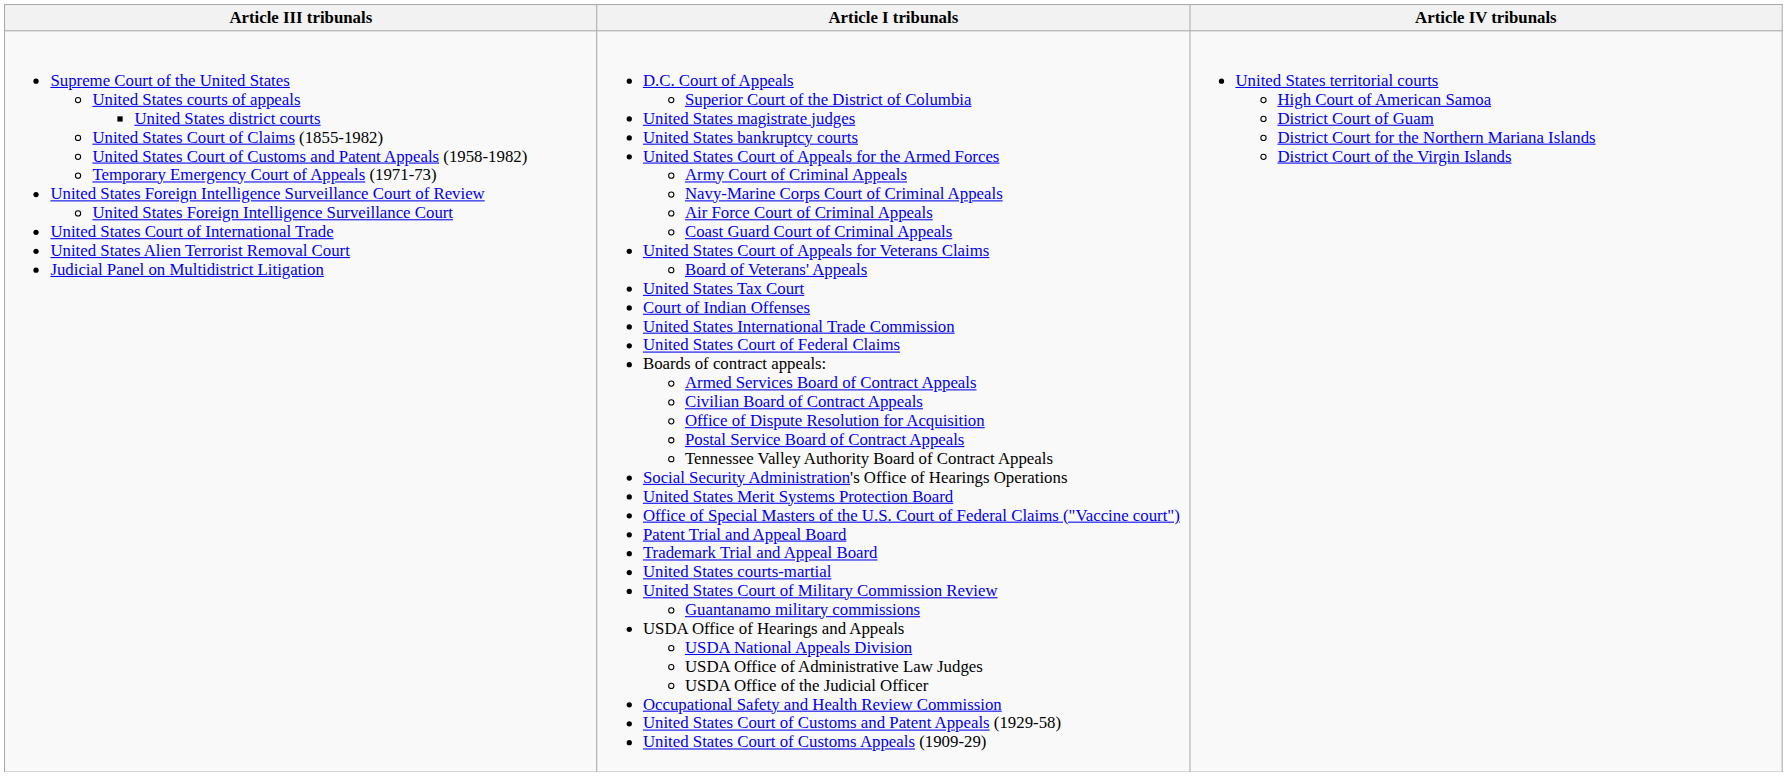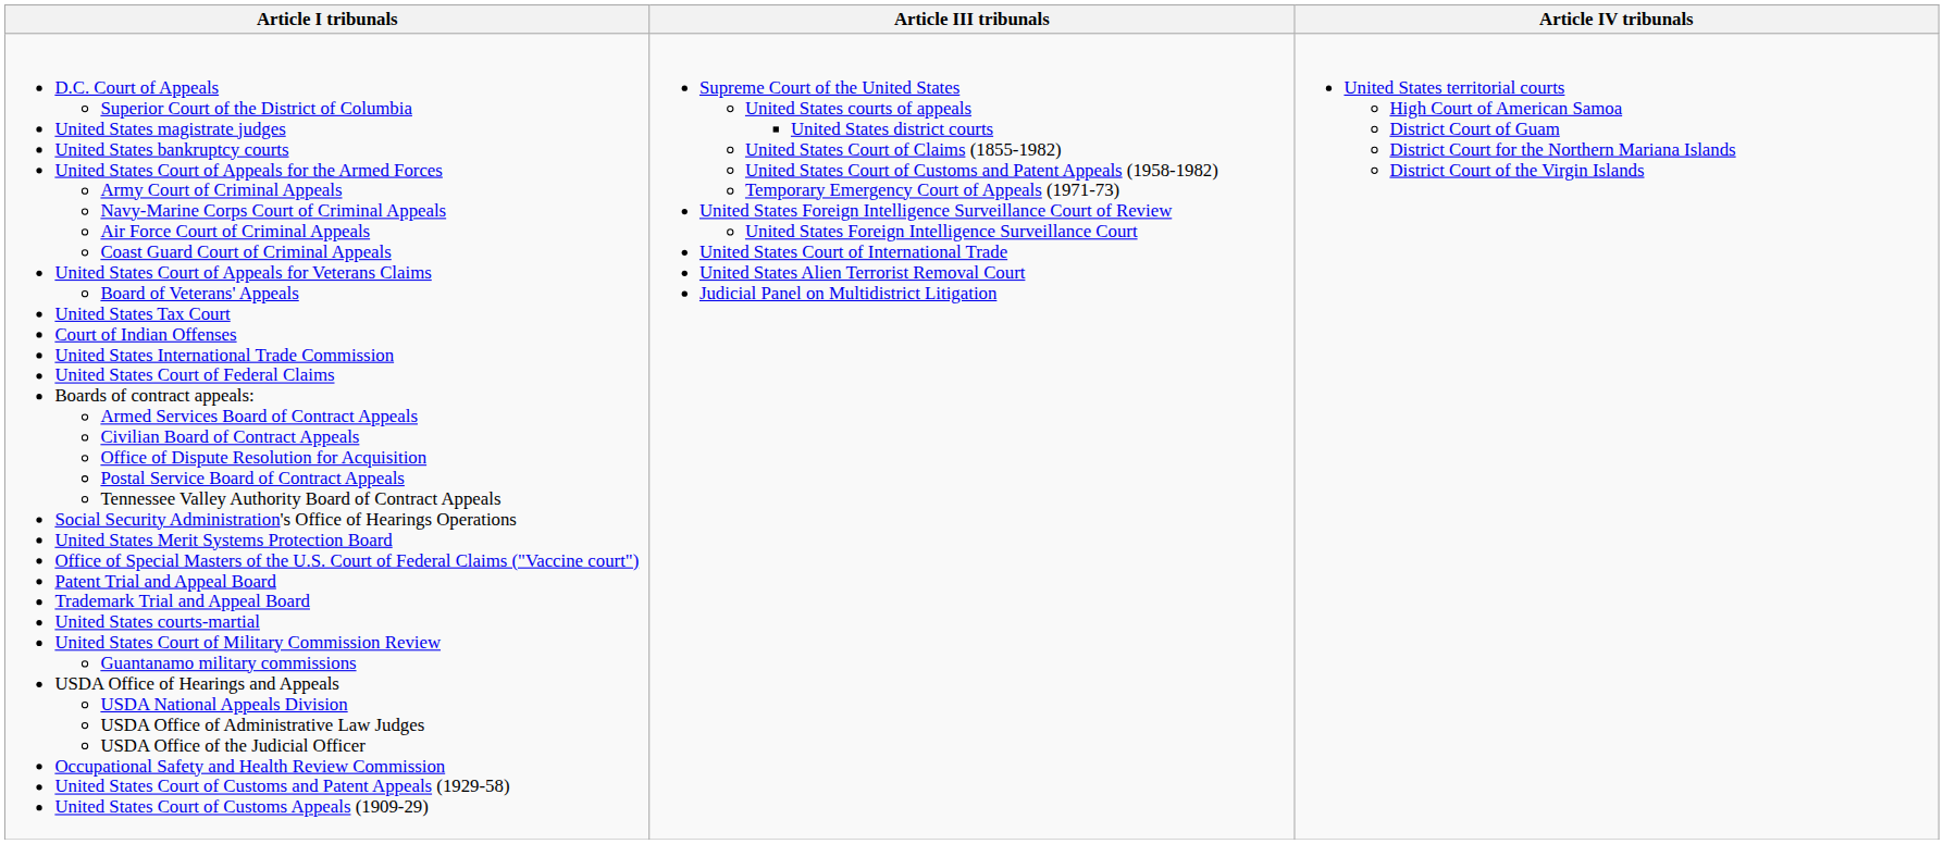 <table class="wikitable">
 <tr>
+<th width="33%">Article I tribunals</th>
 <th width="33%">Article III tribunals</th>
-<th width="33%">Article I tribunals</th>
 <th width="33%">Article IV tribunals</th>
 </tr>
 <tr>
+<td><br><ul><li><a href='#'>D.C. Court of Appeals</a><ul><li><a href='#'>Superior Court of the District of Columbia</a></li></ul></li><li><a href='#'>United States magistrate judges</a></li><li><a href='#'>United States bankruptcy courts</a></li><li><a href='#'>United States Court of Appeals for the Armed Forces</a><ul><li><a href='#'>Army Court of Criminal Appeals</a></li><li><a href='#'>Navy-Marine Corps Court of Criminal Appeals</a></li><li><a href='#'>Air Force Court of Criminal Appeals</a></li><li><a href='#'>Coast Guard Court of Criminal Appeals</a></li></ul></li><li><a href='#'>United States Court of Appeals for Veterans Claims</a><ul><li><a href='#'>Board of Veterans' Appeals</a></li></ul></li><li><a href='#'>United States Tax Court</a></li><li><a href='#'>Court of Indian Offenses</a></li><li><a href='#'>United States International Trade Commission</a></li><li><a href='#'>United States Court of Federal Claims</a></li><li>Boards of contract appeals:<ul><li><a href='#'>Armed Services Board of Contract Appeals</a></li><li><a href='#'>Civilian Board of Contract Appeals</a></li><li><a href='#'>Office of Dispute Resolution for Acquisition</a></li><li><a href='#'>Postal Service Board of Contract Appeals</a></li><li>Tennessee Valley Authority Board of Contract Appeals</li></ul></li><li><a href='#'>Social Security Administration</a>'s Office of Hearings Operations</li><li><a href='#'>United States Merit Systems Protection Board</a></li><li><a href='#'>Office of Special Masters of the U.S. Court of Federal Claims ("Vaccine court")</a></li><li><a href='#'>Patent Trial and Appeal Board</a></li><li><a href='#'>Trademark Trial and Appeal Board</a></li><li><a href='#'>United States courts-martial</a></li><li><a href='#'>United States Court of Military Commission Review</a><ul><li><a href='#'>Guantanamo military commissions</a></li></ul></li><li>USDA Office of Hearings and Appeals<ul><li><a href='#'>USDA National Appeals Division</a></li><li>USDA Office of Administrative Law Judges</li><li>USDA Office of the Judicial Officer</li></ul></li><li><a href='#'>Occupational Safety and Health Review Commission</a></li><li><a href='#'>United States Court of Customs and Patent Appeals</a> (1929-58)</li><li><a href='#'>United States Court of Customs Appeals</a> (1909-29)</li></ul></td>
 <td valign=top><br><ul><li><a href='#'>Supreme Court of the United States</a><ul><li><a href='#'>United States courts of appeals</a><ul><li><a href='#'>United States district courts</a></li></ul></li><li><a href='#'>United States Court of Claims</a> (1855-1982)</li><li><a href='#'>United States Court of Customs and Patent Appeals</a> (1958-1982)</li><li><a href='#'>Temporary Emergency Court of Appeals</a> (1971-73)</li></ul></li><li><a href='#'>United States Foreign Intelligence Surveillance Court of Review</a><ul><li><a href='#'>United States Foreign Intelligence Surveillance Court</a></li></ul></li><li><a href='#'>United States Court of International Trade</a></li><li><a href='#'>United States Alien Terrorist Removal Court</a></li><li><a href='#'>Judicial Panel on Multidistrict Litigation</a></li></ul></td>
-<td><br><ul><li><a href='#'>D.C. Court of Appeals</a><ul><li><a href='#'>Superior Court of the District of Columbia</a></li></ul></li><li><a href='#'>United States magistrate judges</a></li><li><a href='#'>United States bankruptcy courts</a></li><li><a href='#'>United States Court of Appeals for the Armed Forces</a><ul><li><a href='#'>Army Court of Criminal Appeals</a></li><li><a href='#'>Navy-Marine Corps Court of Criminal Appeals</a></li><li><a href='#'>Air Force Court of Criminal Appeals</a></li><li><a href='#'>Coast Guard Court of Criminal Appeals</a></li></ul></li><li><a href='#'>United States Court of Appeals for Veterans Claims</a><ul><li><a href='#'>Board of Veterans' Appeals</a></li></ul></li><li><a href='#'>United States Tax Court</a></li><li><a href='#'>Court of Indian Offenses</a></li><li><a href='#'>United States International Trade Commission</a></li><li><a href='#'>United States Court of Federal Claims</a></li><li>Boards of contract appeals:<ul><li><a href='#'>Armed Services Board of Contract Appeals</a></li><li><a href='#'>Civilian Board of Contract Appeals</a></li><li><a href='#'>Office of Dispute Resolution for Acquisition</a></li><li><a href='#'>Postal Service Board of Contract Appeals</a></li><li>Tennessee Valley Authority Board of Contract Appeals</li></ul></li><li><a href='#'>Social Security Administration</a>'s Office of Hearings Operations</li><li><a href='#'>United States Merit Systems Protection Board</a></li><li><a href='#'>Office of Special Masters of the U.S. Court of Federal Claims ("Vaccine court")</a></li><li><a href='#'>Patent Trial and Appeal Board</a></li><li><a href='#'>Trademark Trial and Appeal Board</a></li><li><a href='#'>United States courts-martial</a></li><li><a href='#'>United States Court of Military Commission Review</a><ul><li><a href='#'>Guantanamo military commissions</a></li></ul></li><li>USDA Office of Hearings and Appeals<ul><li><a href='#'>USDA National Appeals Division</a></li><li>USDA Office of Administrative Law Judges</li><li>USDA Office of the Judicial Officer</li></ul></li><li><a href='#'>Occupational Safety and Health Review Commission</a></li><li><a href='#'>United States Court of Customs and Patent Appeals</a> (1929-58)</li><li><a href='#'>United States Court of Customs Appeals</a> (1909-29)</li></ul></td>
 <td valign=top><br><ul><li><a href='#'>United States territorial courts</a><ul><li><a href='#'>High Court of American Samoa</a></li><li><a href='#'>District Court of Guam</a></li><li><a href='#'>District Court for the Northern Mariana Islands</a></li><li><a href='#'>District Court of the Virgin Islands</a></li></ul></li></ul></td>
 </tr>
 </table>
